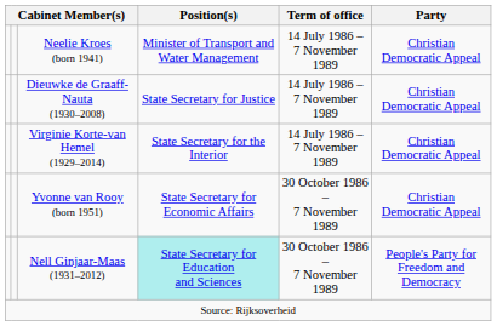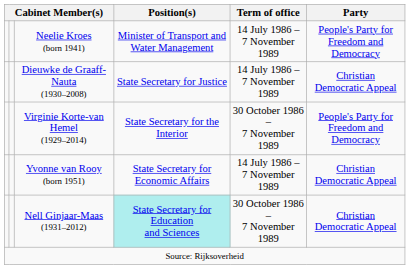 <table class="wikitable" style="text-align:center">
 <tr>
 <th colspan=3>Cabinet Member(s)</th>
 <th>Position(s)</th>
 <th>Term of office</th>
 <th>Party</th>
 </tr>
 <tr>
 <td style="background:"></td>
 <td></td>
 <td><a href='#'>Neelie Kroes</a> <br> <small>(born 1941)</small></td>
 <td><a href='#'>Minister of Transport and <br> Water Management</a></td>
 <td>14 July 1986 – <br> 7 November 1989</td>
-<td><a href='#'>Christian <br> Democratic Appeal</a></td>
+<td><a href='#'>People's Party for <br> Freedom and Democracy</a></td>
 </tr>
 <tr>
 <td style="background:"></td>
 <td></td>
 <td><a href='#'>Dieuwke de Graaff-Nauta</a> <br> <small>(1930–2008)</small></td>
 <td><a href='#'>State Secretary for Justice</a></td>
 <td>14 July 1986 – <br> 7 November 1989</td>
 <td><a href='#'>Christian <br> Democratic Appeal</a></td>
 </tr>
 <tr>
 <td style="background:"></td>
 <td></td>
 <td><a href='#'>Virginie Korte-van Hemel</a> <br> <small>(1929–2014)</small></td>
 <td><a href='#'>State Secretary for the Interior</a></td>
-<td>14 July 1986 – <br> 7 November 1989</td>
-<td><a href='#'>Christian <br> Democratic Appeal</a></td>
+<td>30 October 1986 – <br> 7 November 1989</td>
+<td><a href='#'>People's Party for <br> Freedom and Democracy</a></td>
 </tr>
 <tr>
 <td style="background:"></td>
 <td></td>
 <td><a href='#'>Yvonne van Rooy</a> <br> <small>(born 1951)</small></td>
 <td><a href='#'>State Secretary for <br> Economic Affairs</a></td>
-<td>30 October 1986 – <br> 7 November 1989</td>
+<td>14 July 1986 – <br> 7 November 1989</td>
 <td><a href='#'>Christian <br> Democratic Appeal</a></td>
 </tr>
 <tr>
 <td style="background:"></td>
 <td></td>
 <td><a href='#'>Nell Ginjaar-Maas</a> <br> <small>(1931–2012)</small></td>
 <td style="background: paleturquoise;"><a href='#'>State Secretary for Education <br> and Sciences</a></td>
 <td>30 October 1986 – <br> 7 November 1989</td>
-<td><a href='#'>People's Party for <br> Freedom and Democracy</a></td>
+<td><a href='#'>Christian <br> Democratic Appeal</a></td>
 </tr>
 <tr>
 <td colspan=9><small>Source:   Rijksoverheid</small></td>
 </tr>
 </table>
